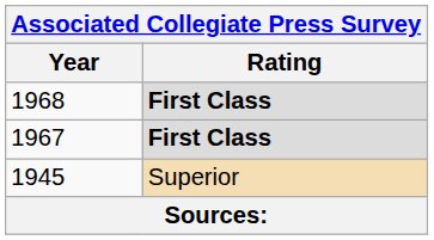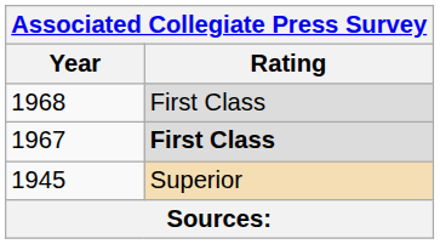 <table class="wikitable">
 <tr>
 <th colspan="3"><a href='#'>Associated Collegiate Press Survey</a></th>
 </tr>
 <tr>
 <th>Year</th>
 <th>Rating</th>
 </tr>
 <tr>
 <td>1968</td>
-<td style="background:#dcdcdc"><strong>First Class</strong></td>
+<td style="background:#dcdcdc">First Class</td>
 </tr>
 <tr>
 <td>1967</td>
 <td style="background:#dcdcdc"><strong>First Class</strong></td>
 </tr>
 <tr>
 <td>1945</td>
 <td style="background:wheat;">Superior</td>
 </tr>
 <tr>
 <th colspan="3">Sources:</th>
 </tr>
 </table>
